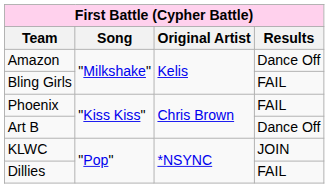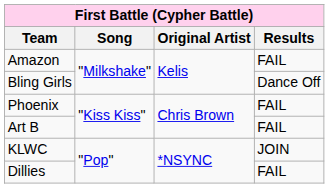 <table class="wikitable mw-collapsible mw-collapsed"  style="text-align:center font-size:90%">
 <tr>
 <th style="background:#FFD1ED"; colspan="4">First Battle (Cypher Battle)</th>
 </tr>
 <tr style="background:#f2f2f2;">
 <th scope="col">Team</th>
 <th scope="col">Song</th>
 <th scope="col">Original Artist</th>
 <th scope="col">Results</th>
 </tr>
 <tr>
 <td>Amazon</td>
 <td rowspan="2">"<a href='#'>Milkshake</a>"</td>
 <td rowspan="2"><a href='#'>Kelis</a></td>
-<td>Dance Off</td>
+<td>FAIL</td>
 </tr>
 <tr>
 <td>Bling Girls</td>
-<td>FAIL</td>
+<td>Dance Off</td>
 </tr>
 <tr>
 <td>Phoenix</td>
 <td rowspan="2">"<a href='#'>Kiss Kiss</a>"</td>
 <td rowspan="2"><a href='#'>Chris Brown</a></td>
 <td>FAIL</td>
 </tr>
 <tr>
 <td>Art B</td>
-<td>Dance Off</td>
+<td>FAIL</td>
 </tr>
 <tr>
 <td>KLWC</td>
 <td rowspan="2">"<a href='#'>Pop</a>"</td>
 <td rowspan="2"><a href='#'> *NSYNC</a></td>
 <td>JOIN</td>
 </tr>
 <tr>
 <td>Dillies</td>
 <td>FAIL</td>
 </tr>
 </table>
